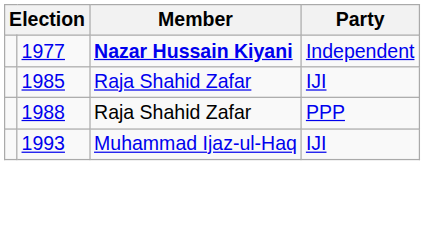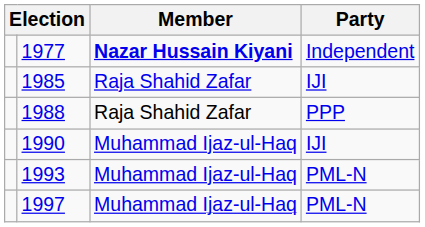 <table class="wikitable">
 <tr>
 <th colspan="2">Election</th>
 <th>Member</th>
 <th>Party</th>
 </tr>
 <tr>
 <td style="background-color: "></td>
 <td><a href='#'>1977</a></td>
 <td><strong><a href='#'>Nazar Hussain Kiyani</a></strong></td>
 <td><a href='#'>Independent</a></td>
 </tr>
 <tr>
 <td style="background-color: "></td>
 <td><a href='#'>1985</a></td>
 <td><a href='#'>Raja Shahid Zafar</a></td>
 <td><a href='#'>IJI</a></td>
 </tr>
 <tr>
 <td style="background-color: "></td>
 <td><a href='#'>1988</a></td>
 <td>Raja Shahid Zafar</td>
 <td><a href='#'>PPP</a></td>
 </tr>
 <tr>
 <td style="background-color: "></td>
-<td><a href='#'>1993</a></td>
+<td><a href='#'>1990</a></td>
 <td><a href='#'>Muhammad Ijaz-ul-Haq</a></td>
 <td><a href='#'>IJI</a></td>
 </tr>
+<tr>
+<td style="background-color: "></td>
+<td><a href='#'>1993</a></td>
+<td><a href='#'>Muhammad Ijaz-ul-Haq</a></td>
+<td><a href='#'>PML-N</a></td>
+</tr>
+<tr>
+<td style="background-color: "></td>
+<td><a href='#'>1997</a></td>
+<td><a href='#'>Muhammad Ijaz-ul-Haq</a></td>
+<td><a href='#'>PML-N</a></td>
+</tr>
 </table>
